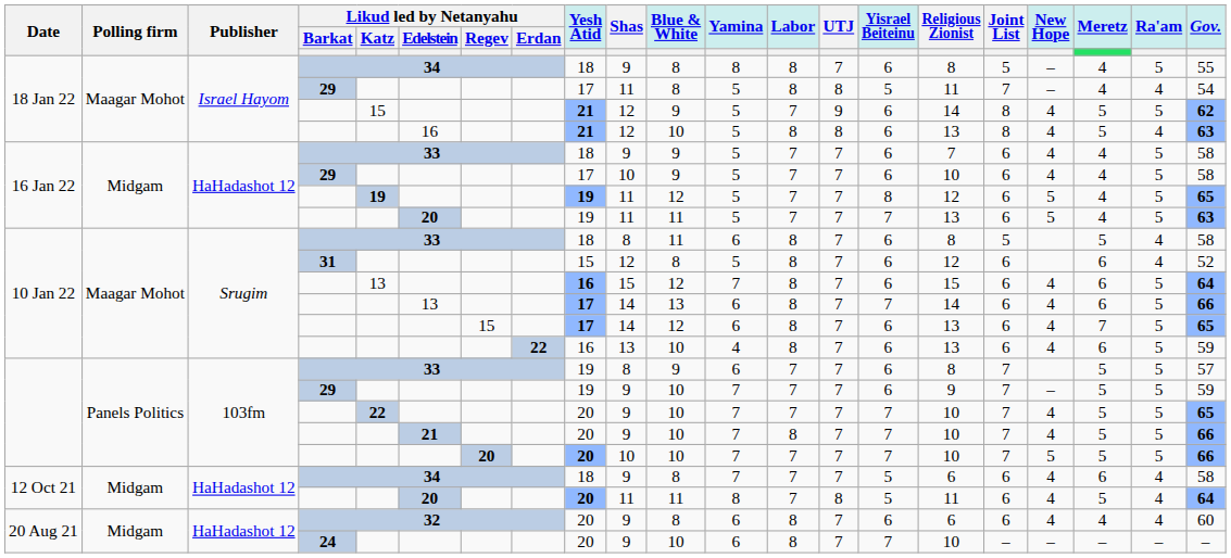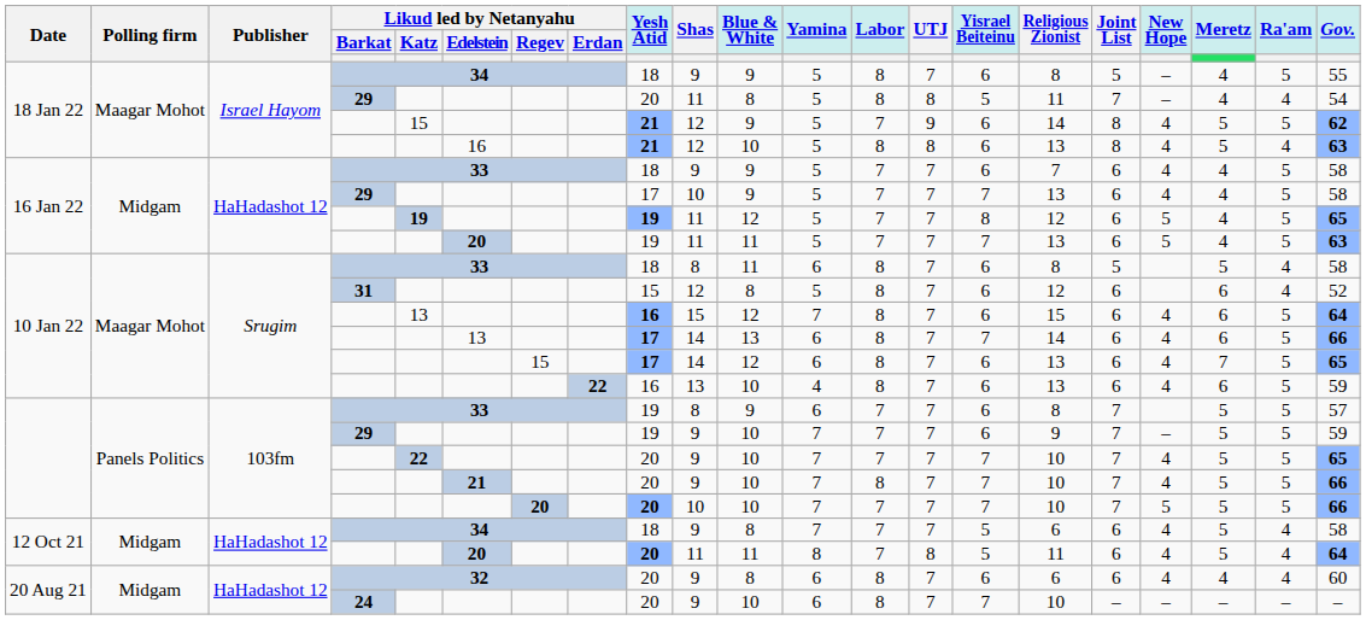 <table class="wikitable sortable" style=text-align:center;font-size:90%;line-height:12px>
 <tr>
 <th rowspan=3>Date</th>
 <th rowspan=3>Polling firm</th>
 <th rowspan=3>Publisher</th>
 <th colspan=5><a href='#'>Likud</a> led by Netanyahu</th>
 <th rowspan=2 style=background:#cee><a href='#'>Yesh<br>Atid</a></th>
 <th rowspan=2><a href='#'>Shas</a></th>
 <th rowspan=2 style=background:#cee><a href='#'>Blue &<br>White</a></th>
 <th rowspan=2 style=background:#cee><a href='#'>Yamina</a></th>
 <th rowspan=2 style=background:#cee><a href='#'>Labor</a></th>
 <th rowspan=2><a href='#'>UTJ</a></th>
 <th rowspan=2 style="background:#cee; font-size:90%"><a href='#'>Yisrael<br>Beiteinu</a></th>
 <th rowspan=2 style=font-size:90%><a href='#'>Religious<br>Zionist</a></th>
 <th rowspan=2><a href='#'>Joint<br>List</a></th>
 <th rowspan=2 style=background:#cee><a href='#'>New<br>Hope</a></th>
 <th rowspan=2 style=background:#cee><a href='#'>Meretz</a></th>
 <th rowspan=2 style=background:#cee><a href='#'>Ra'am</a></th>
 <th rowspan=2 style=background:#cee><a href='#'><em>Gov.</em></a></th>
 </tr>
 <tr>
 <th><a href='#'>Barkat</a></th>
 <th><a href='#'>Katz</a></th>
 <th style=letter-spacing:-1px><a href='#'>Edelstein</a></th>
 <th><a href='#'>Regev</a></th>
 <th><a href='#'>Erdan</a></th>
 </tr>
 <tr>
 <th style=background:></th>
 <th style=background:></th>
 <th style=background:></th>
 <th style=background:></th>
 <th style=background:></th>
 <th style=background:></th>
 <th style=background:></th>
 <th style=background:></th>
 <th style=background:></th>
 <th style=background:></th>
 <th style=background:></th>
 <th style=background:></th>
 <th style=background:></th>
 <th style=background:></th>
 <th style=background:></th>
 <th style=background:#23e164></th>
 <th style=background:></th>
 <th style=background:></th>
 </tr>
 <tr>
 <td rowspan=4 data-sort-value=2022-01-18>18 Jan 22</td>
 <td rowspan=4>Maagar Mohot</td>
 <td rowspan=4><em><a href='#'>Israel Hayom</a></em></td>
 <td style=background:#BBCDE4 colspan=5><strong>34</strong>	</td>
 <td>18					</td>
 <td>9					</td>
-<td>8					</td>
-<td>8					</td>
+<td>9					</td>
+<td>5					</td>
 <td>8					</td>
 <td>7					</td>
 <td>6					</td>
 <td>8					</td>
 <td>5					</td>
 <td>–					</td>
 <td>4					</td>
 <td>5					</td>
 <td>55					</td>
 </tr>
 <tr>
 <td style=background:#BBCDE4><strong>29</strong>	</td>
 <td></td>
 <td></td>
 <td></td>
 <td></td>
-<td>17					</td>
+<td>20					</td>
 <td>11					</td>
 <td>8					</td>
 <td>5					</td>
 <td>8					</td>
 <td>8					</td>
 <td>5					</td>
 <td>11					</td>
 <td>7					</td>
 <td>–					</td>
 <td>4					</td>
 <td>4					</td>
 <td>54					</td>
 </tr>
 <tr>
 <td></td>
 <td>15					</td>
 <td></td>
 <td></td>
 <td></td>
 <td style=background:#90b8ff><strong>21</strong>	</td>
 <td>12					</td>
 <td>9					</td>
 <td>5					</td>
 <td>7					</td>
 <td>9					</td>
 <td>6					</td>
 <td>14					</td>
 <td>8					</td>
 <td>4					</td>
 <td>5					</td>
 <td>5					</td>
 <td style=background:#90b8ff><strong>62</strong>					</td>
 </tr>
 <tr>
 <td></td>
 <td></td>
 <td>16					</td>
 <td></td>
 <td></td>
 <td style=background:#90b8ff><strong>21</strong>	</td>
 <td>12					</td>
 <td>10					</td>
 <td>5					</td>
 <td>8					</td>
 <td>8					</td>
 <td>6					</td>
 <td>13					</td>
 <td>8					</td>
 <td>4					</td>
 <td>5					</td>
 <td>4					</td>
 <td style=background:#90b8ff><strong>63</strong>	</td>
 </tr>
 <tr>
 <td rowspan=4 data-sort-value=2022-01-16>16 Jan 22</td>
 <td rowspan=4>Midgam</td>
 <td rowspan=4><a href='#'>HaHadashot 12</a></td>
 <td style=background:#BBCDE4 colspan=5><strong>33</strong>	</td>
 <td>18					</td>
 <td>9					</td>
 <td>9					</td>
 <td>5					</td>
 <td>7					</td>
 <td>7					</td>
 <td>6					</td>
 <td>7					</td>
 <td>6					</td>
 <td>4					</td>
 <td>4					</td>
 <td>5					</td>
 <td>58					</td>
 </tr>
 <tr>
 <td style=background:#BBCDE4><strong>29</strong>	</td>
 <td></td>
 <td></td>
 <td></td>
 <td></td>
 <td>17					</td>
 <td>10					</td>
 <td>9					</td>
 <td>5					</td>
 <td>7					</td>
 <td>7					</td>
-<td>6					</td>
-<td>10					</td>
+<td>7					</td>
+<td>13					</td>
 <td>6					</td>
 <td>4					</td>
 <td>4					</td>
 <td>5					</td>
 <td>58					</td>
 </tr>
 <tr>
 <td></td>
 <td style=background:#BBCDE4><strong>19</strong>	</td>
 <td></td>
 <td></td>
 <td></td>
 <td style=background:#90b8ff><strong>19</strong>	</td>
 <td>11					</td>
 <td>12					</td>
 <td>5					</td>
 <td>7					</td>
 <td>7					</td>
 <td>8					</td>
 <td>12					</td>
 <td>6					</td>
 <td>5					</td>
 <td>4					</td>
 <td>5					</td>
 <td style=background:#90b8ff><strong>65</strong>	</td>
 </tr>
 <tr>
 <td></td>
 <td></td>
 <td style=background:#BBCDE4><strong>20</strong>	</td>
 <td></td>
 <td></td>
 <td>19					</td>
 <td>11					</td>
 <td>11					</td>
 <td>5					</td>
 <td>7					</td>
 <td>7					</td>
 <td>7					</td>
 <td>13					</td>
 <td>6					</td>
 <td>5					</td>
 <td>4					</td>
 <td>5					</td>
 <td style=background:#90b8ff><strong>63</strong>	</td>
 </tr>
 <tr>
 <td rowspan=6 data-sort-value=2022-01-10>10 Jan 22</td>
 <td rowspan=6>Maagar Mohot</td>
 <td rowspan=6><em>Srugim</em></td>
 <td style=background:#BBCDE4 colspan=5><strong>33</strong>	</td>
 <td>18					</td>
 <td>8					</td>
 <td>11					</td>
 <td>6					</td>
 <td>8					</td>
 <td>7					</td>
 <td>6					</td>
 <td>8					</td>
 <td>5					</td>
 <td>		</td>
 <td>5					</td>
 <td>4					</td>
 <td>58					</td>
 </tr>
 <tr>
 <td style=background:#BBCDE4><strong>31</strong>	</td>
 <td></td>
 <td></td>
 <td></td>
 <td></td>
 <td>15					</td>
 <td>12					</td>
 <td>8					</td>
 <td>5					</td>
 <td>8					</td>
 <td>7					</td>
 <td>6					</td>
 <td>12					</td>
 <td>6					</td>
 <td>		</td>
 <td>6					</td>
 <td>4					</td>
 <td>52					</td>
 </tr>
 <tr>
 <td></td>
 <td>13					</td>
 <td></td>
 <td></td>
 <td></td>
 <td style=background:#90b8ff><strong>16</strong>	</td>
 <td>15					</td>
 <td>12					</td>
 <td>7					</td>
 <td>8					</td>
 <td>7					</td>
 <td>6					</td>
 <td>15					</td>
 <td>6					</td>
 <td>4					</td>
 <td>6					</td>
 <td>5					</td>
 <td style=background:#90b8ff><strong>64</strong>					</td>
 </tr>
 <tr>
 <td></td>
 <td></td>
 <td>13					</td>
 <td></td>
 <td></td>
 <td style=background:#90b8ff><strong>17</strong>	</td>
 <td>14					</td>
 <td>13					</td>
 <td>6					</td>
 <td>8					</td>
 <td>7					</td>
 <td>7					</td>
 <td>14					</td>
 <td>6					</td>
 <td>4					</td>
 <td>6					</td>
 <td>5					</td>
 <td style=background:#90b8ff><strong>66</strong>	</td>
 </tr>
 <tr>
 <td></td>
 <td></td>
 <td></td>
 <td>15					</td>
 <td></td>
 <td style=background:#90b8ff><strong>17</strong>	</td>
 <td>14					</td>
 <td>12					</td>
 <td>6					</td>
 <td>8					</td>
 <td>7					</td>
 <td>6					</td>
 <td>13					</td>
 <td>6					</td>
 <td>4					</td>
 <td>7					</td>
 <td>5					</td>
 <td style=background:#90b8ff><strong>65</strong>	</td>
 </tr>
 <tr>
 <td></td>
 <td></td>
 <td></td>
 <td></td>
 <td style=background:#BBCDE4><strong>22</strong>	</td>
 <td>16					</td>
 <td>13					</td>
 <td>10					</td>
 <td>4					</td>
 <td>8					</td>
 <td>7					</td>
 <td>6					</td>
 <td>13					</td>
 <td>6					</td>
 <td>4					</td>
 <td>6					</td>
 <td>5					</td>
 <td>59					</td>
 </tr>
 <tr>
 <td rowspan=5 data-sort-value=2021-12-16></td>
 <td rowspan=5>Panels Politics</td>
 <td rowspan=5>103fm</td>
 <td style=background:#BBCDE4 colspan=5><strong>33</strong>	</td>
 <td>19					</td>
 <td>8					</td>
 <td>9					</td>
 <td>6					</td>
 <td>7					</td>
 <td>7					</td>
 <td>6					</td>
 <td>8					</td>
 <td>7					</td>
 <td>	</td>
 <td>5					</td>
 <td>5					</td>
 <td>57					</td>
 </tr>
 <tr>
 <td style=background:#BBCDE4><strong>29</strong>	</td>
 <td></td>
 <td></td>
 <td></td>
 <td></td>
 <td>19					</td>
 <td>9					</td>
 <td>10					</td>
 <td>7					</td>
 <td>7					</td>
 <td>7					</td>
 <td>6					</td>
 <td>9					</td>
 <td>7					</td>
 <td>–					</td>
 <td>5					</td>
 <td>5					</td>
 <td>59					</td>
 </tr>
 <tr>
 <td></td>
 <td style=background:#BBCDE4><strong>22</strong>	</td>
 <td></td>
 <td></td>
 <td></td>
 <td>20					</td>
 <td>9					</td>
 <td>10					</td>
 <td>7					</td>
 <td>7					</td>
 <td>7					</td>
 <td>7					</td>
 <td>10					</td>
 <td>7					</td>
 <td>4					</td>
 <td>5					</td>
 <td>5					</td>
 <td style=background:#90b8ff><strong>65</strong>	</td>
 </tr>
 <tr>
 <td></td>
 <td></td>
 <td style=background:#BBCDE4><strong>21</strong>	</td>
 <td></td>
 <td></td>
 <td>20					</td>
 <td>9					</td>
 <td>10					</td>
 <td>7					</td>
 <td>8					</td>
 <td>7					</td>
 <td>7					</td>
 <td>10					</td>
 <td>7					</td>
 <td>4					</td>
 <td>5					</td>
 <td>5					</td>
 <td style=background:#90b8ff><strong>66</strong>	</td>
 </tr>
 <tr>
 <td></td>
 <td></td>
 <td></td>
 <td style=background:#BBCDE4><strong>20</strong>	</td>
 <td></td>
 <td style=background:#90b8ff><strong>20</strong>	</td>
 <td>10					</td>
 <td>10					</td>
 <td>7					</td>
 <td>7					</td>
 <td>7					</td>
 <td>7					</td>
 <td>10					</td>
 <td>7					</td>
 <td>5					</td>
 <td>5					</td>
 <td>5					</td>
 <td style=background:#90b8ff><strong>66</strong>	</td>
 </tr>
 <tr>
 <td rowspan=2 data-sort-value=2021-10-12>12 Oct 21</td>
 <td rowspan=2>Midgam</td>
 <td rowspan=2><a href='#'>HaHadashot 12</a></td>
 <td style=background:#BBCDE4 colspan=5><strong>34</strong>	</td>
 <td>18					</td>
 <td>9					</td>
 <td>8					</td>
 <td>7					</td>
 <td>7					</td>
 <td>7					</td>
 <td>5					</td>
 <td>6					</td>
 <td>6					</td>
 <td>4					</td>
-<td>6					</td>
+<td>5					</td>
 <td>4					</td>
 <td>58					</td>
 </tr>
 <tr>
 <td></td>
 <td></td>
 <td style=background:#BBCDE4><strong>20</strong>	</td>
 <td></td>
 <td></td>
 <td style=background:#90b8ff><strong>20</strong>	</td>
 <td>11					</td>
 <td>11					</td>
 <td>8					</td>
 <td>7					</td>
 <td>8					</td>
 <td>5					</td>
 <td>11					</td>
 <td>6					</td>
 <td>4					</td>
 <td>5					</td>
 <td>4					</td>
 <td style=background:#90b8ff><strong>64</strong>	</td>
 </tr>
 <tr>
 <td rowspan=2 data-sort-value=2021-08-20>20 Aug 21</td>
 <td rowspan=2>Midgam</td>
 <td rowspan=2><a href='#'>HaHadashot 12</a></td>
 <td style=background:#BBCDE4 colspan=5><strong>32</strong>	</td>
 <td>20					</td>
 <td>9					</td>
 <td>8					</td>
 <td>6					</td>
 <td>8					</td>
 <td>7					</td>
 <td>6					</td>
 <td>6					</td>
 <td>6					</td>
 <td>4					</td>
 <td>4					</td>
 <td>4					</td>
 <td>60					</td>
 </tr>
 <tr>
 <td style=background:#BBCDE4><strong>24</strong>	</td>
 <td></td>
 <td></td>
 <td></td>
 <td></td>
 <td>20					</td>
 <td>9					</td>
 <td>10					</td>
 <td>6					</td>
 <td>8					</td>
 <td>7					</td>
 <td>7					</td>
 <td>10					</td>
 <td>–					</td>
 <td>–					</td>
 <td>–					</td>
 <td>–					</td>
 <td>–					</td>
 </tr>
 </table>
